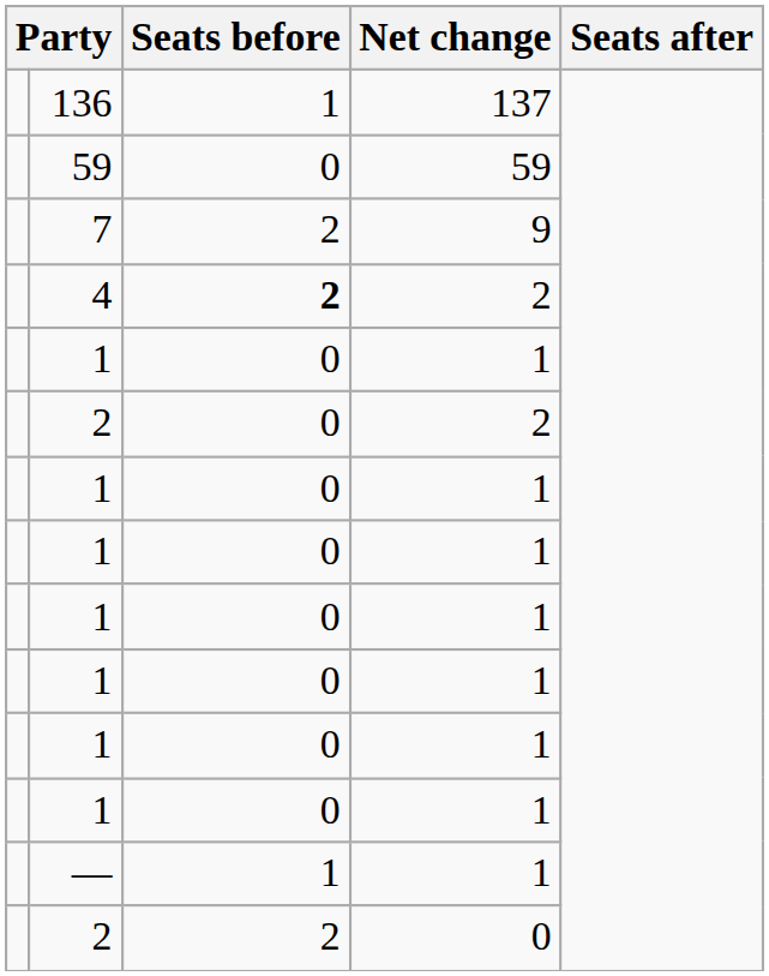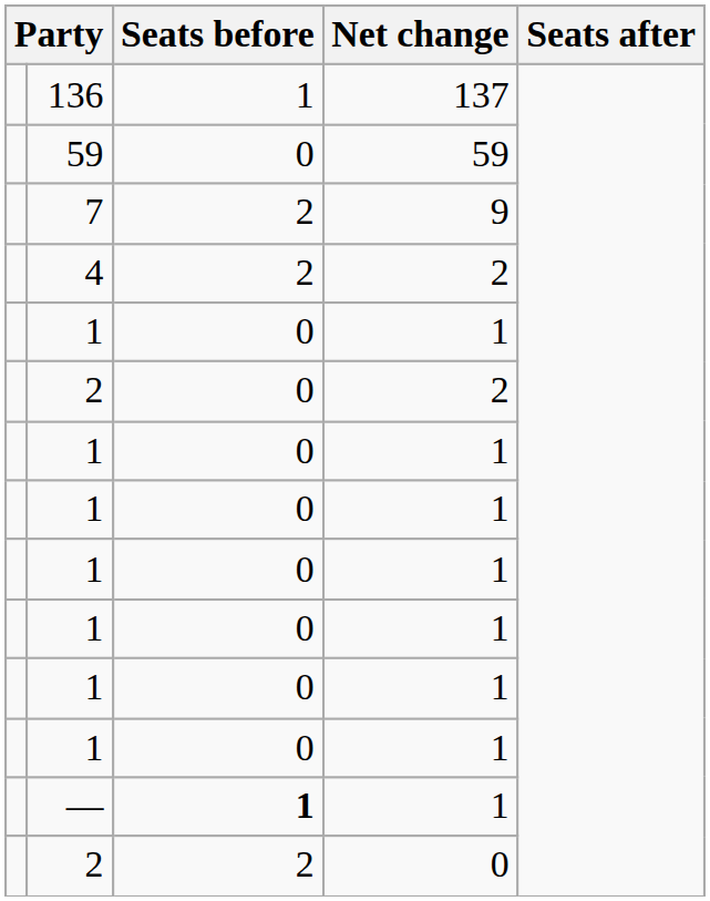 <table class=wikitable style="text-align:right">
 <tr>
 <th colspan="2">Party</th>
 <th>Seats before</th>
 <th>Net change</th>
 <th>Seats after</th>
 </tr>
 <tr>
 <td></td>
 <td>136</td>
 <td> 1</td>
 <td>137</td>
 </tr>
 <tr>
 <td></td>
 <td>59</td>
 <td> 0</td>
 <td>59</td>
 </tr>
 <tr>
 <td></td>
 <td>7</td>
 <td> 2</td>
 <td>9</td>
 </tr>
 <tr>
 <td></td>
 <td>4</td>
-<td><strong> 2</strong></td>
+<td> 2</td>
 <td>2</td>
 </tr>
 <tr>
 <td></td>
 <td>1</td>
 <td> 0</td>
 <td>1</td>
 </tr>
 <tr>
 <td></td>
 <td>2</td>
 <td> 0</td>
 <td>2</td>
 </tr>
 <tr>
 <td></td>
 <td>1</td>
 <td> 0</td>
 <td>1</td>
 </tr>
 <tr>
 <td></td>
 <td>1</td>
 <td> 0</td>
 <td>1</td>
 </tr>
 <tr>
 <td></td>
 <td>1</td>
 <td> 0</td>
 <td>1</td>
 </tr>
 <tr>
 <td></td>
 <td>1</td>
 <td> 0</td>
 <td>1</td>
 </tr>
 <tr>
 <td></td>
 <td>1</td>
 <td> 0</td>
 <td>1</td>
 </tr>
 <tr>
 <td></td>
 <td>1</td>
 <td> 0</td>
 <td>1</td>
 </tr>
 <tr>
 <td></td>
 <td>—</td>
-<td> 1</td>
+<td><strong> 1</strong></td>
 <td>1</td>
 </tr>
 <tr>
 <td></td>
 <td>2</td>
 <td> 2</td>
 <td>0</td>
 </tr>
 </table>
